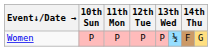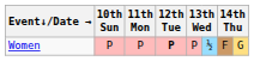 <table class="wikitable" style="margin:0.5em auto; font-size:90%; line-height:1.25em; text-align:center;">
 <tr>
 <th>Event↓/Date →</th>
 <th>10th<br>Sun</th>
 <th>11th<br>Mon</th>
 <th>12th<br>Tue</th>
 <th colspan=2>13th<br>Wed</th>
 <th colspan=2>14th<br>Thu</th>
 </tr>
 <tr>
 <td style="text-align:left;"><a href='#'>Women</a></td>
 <td bgcolor="#FFBBBB">P</td>
 <td bgcolor="#FFBBBB">P</td>
+<td bgcolor="#FFBBBB"><strong>P</strong></td>
 <td bgcolor="#FFBBBB">P</td>
-<td bgcolor="#FFBBBB">P</td>
-<td bgcolor="#97DEFF"><strong>½</strong></td>
+<td bgcolor="#97DEFF">½</td>
 <td bgcolor="#CC9966">F</td>
 <td bgcolor="#FFDF80">G</td>
 </tr>
 </table>
